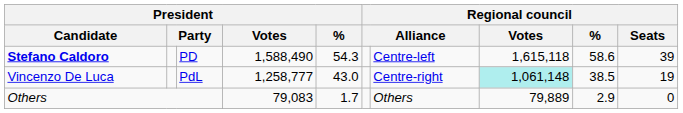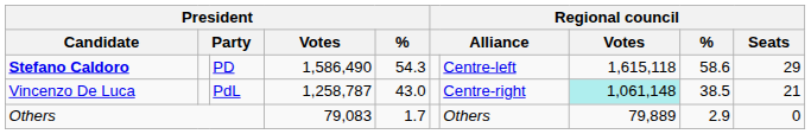 <table class="wikitable" style="text-align:right; style="width=65%">
 <tr>
 <th colspan="5">President</th>
 <th colspan="7">Regional council</th>
 </tr>
 <tr>
 <th>Candidate</th>
 <th colspan="2">Party</th>
 <th>Votes</th>
 <th>%</th>
 <th colspan="2">Alliance</th>
 <th>Votes</th>
 <th>%</th>
 <th>Seats</th>
 </tr>
 <tr>
 <td style="text-align:left"><strong><a href='#'>Stefano Caldoro</a></strong></td>
 <td></td>
 <td style="text-align:left"><a href='#'>PD</a></td>
-<td>1,588,490</td>
+<td>1,586,490</td>
 <td>54.3</td>
 <td></td>
 <td style="text-align:left"><a href='#'>Centre-left</a></td>
 <td>1,615,118</td>
 <td>58.6</td>
-<td>39</td>
+<td>29</td>
 </tr>
 <tr>
 <td style="text-align:left"><a href='#'>Vincenzo De Luca</a></td>
 <td></td>
 <td style="text-align:left"><a href='#'>PdL</a></td>
-<td>1,258,777</td>
+<td>1,258,787</td>
 <td>43.0</td>
 <td></td>
 <td style="text-align:left"><a href='#'>Centre-right</a></td>
 <td style="background: paleturquoise;">1,061,148</td>
 <td>38.5</td>
-<td>19</td>
+<td>21</td>
 </tr>
 <tr>
 <td colspan="3" style="text-align:left"><em>Others</em></td>
 <td>79,083</td>
 <td>1.7</td>
 <td></td>
 <td style="text-align:left"><em>Others</em></td>
 <td>79,889</td>
 <td>2.9</td>
 <td>0</td>
 </tr>
 </table>
